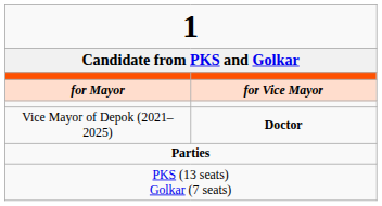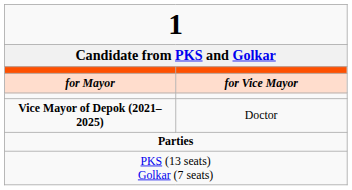 <table class="wikitable" style="font-size:90%; text-align:center;">
 <tr>
 <td colspan=2><big><big><big><big><big><strong>1</strong></big></big></big></big></big></td>
 </tr>
 <tr>
 <td colspan=2 style="background:#f1f1f1;"><strong><big>Candidate from <a href='#'>PKS</a> and <a href='#'>Golkar</a></big></strong></td>
 </tr>
 <tr>
 <th style="width:3em; font-size:135%; background:#FE5000; width:200px;"></th>
 <th style="width:3em; font-size:135%; background:#FE5000; width:200px;"></th>
 </tr>
 <tr style="color:#000; font-size:100%; background:#FFDDCD;">
 <td style="width:3em; width:200px;"><strong><em>for Mayor</em></strong></td>
 <td style="width:3em; width:200px;"><strong><em>for Vice Mayor</em></strong></td>
 </tr>
 <tr>
 <td></td>
 <td></td>
 </tr>
 <tr>
-<td>Vice Mayor of Depok (2021–2025)</td>
-<td><strong>Doctor</strong></td>
+<td><strong>Vice Mayor of Depok (2021–2025)</strong></td>
+<td>Doctor</td>
 </tr>
 <tr>
 <td colspan=2><strong>Parties</strong></td>
 </tr>
 <tr>
 <td colspan=2> <a href='#'>PKS</a> (13 seats)<br><a href='#'>Golkar</a> (7 seats)</td>
 </tr>
 </table>
